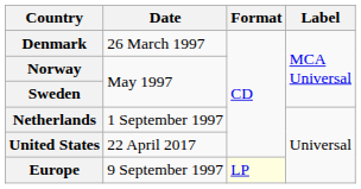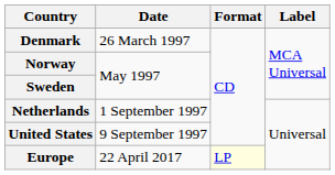 <table class="wikitable plainrowheaders">
 <tr>
 <th scope="col">Country</th>
 <th scope="col">Date</th>
 <th>Format</th>
 <th scope="col">Label</th>
 </tr>
 <tr>
 <th scope="row">Denmark</th>
 <td rowspan="1">26 March 1997</td>
 <td rowspan="5"><a href='#'>CD</a></td>
 <td rowspan="3"><a href='#'>MCA</a><br><a href='#'>Universal</a></td>
 </tr>
 <tr>
 <th scope="row">Norway</th>
 <td rowspan="2">May 1997</td>
 </tr>
 <tr>
 <th scope="row">Sweden</th>
 </tr>
 <tr>
 <th scope="row">Netherlands</th>
 <td>1 September 1997</td>
 <td rowspan="3">Universal</td>
 </tr>
 <tr>
 <th scope="row">United States</th>
-<td>22 April 2017</td>
+<td rowspan="1">9 September 1997</td>
 </tr>
 <tr>
 <th scope="row">Europe</th>
-<td rowspan="1">9 September 1997</td>
+<td>22 April 2017</td>
 <td style="background: lightyellow;"><a href='#'>LP</a></td>
 </tr>
 </table>
